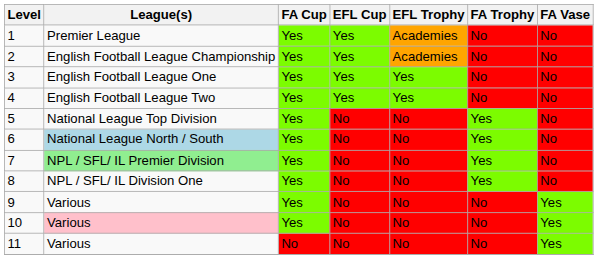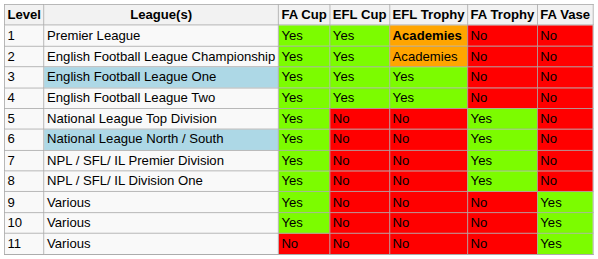 <table class="wikitable">
 <tr>
 <th>Level</th>
 <th>League(s)</th>
 <th>FA Cup</th>
 <th>EFL Cup</th>
 <th>EFL Trophy</th>
 <th>FA Trophy</th>
 <th>FA Vase</th>
 </tr>
 <tr>
 <td>1</td>
 <td>Premier League</td>
 <td style="background:LawnGreen;">Yes</td>
 <td style="background:LawnGreen;">Yes</td>
-<td style="background:Orange;">Academies</td>
+<td style="background:Orange;"><strong>Academies</strong></td>
 <td style="background:Red;">No</td>
 <td style="background:Red;">No</td>
 </tr>
 <tr>
 <td>2</td>
 <td>English Football League Championship</td>
 <td style="background:LawnGreen;">Yes</td>
 <td style="background:LawnGreen;">Yes</td>
 <td style="background:Orange;">Academies</td>
 <td style="background:Red;">No</td>
 <td style="background:Red;">No</td>
 </tr>
 <tr>
 <td>3</td>
-<td>English Football League One</td>
+<td style="background: lightblue;">English Football League One</td>
 <td style="background:LawnGreen;">Yes</td>
 <td style="background:LawnGreen;">Yes</td>
 <td style="background:LawnGreen;">Yes</td>
 <td style="background:Red;">No</td>
 <td style="background:Red;">No</td>
 </tr>
 <tr>
 <td>4</td>
 <td>English Football League Two</td>
 <td style="background:LawnGreen;">Yes</td>
 <td style="background:LawnGreen;">Yes</td>
 <td style="background:LawnGreen;">Yes</td>
 <td style="background:Red;">No</td>
 <td style="background:Red;">No</td>
 </tr>
 <tr>
 <td>5</td>
 <td>National League Top Division</td>
 <td style="background:LawnGreen;">Yes</td>
 <td style="background:Red;">No</td>
 <td style="background:Red;">No</td>
 <td style="background:LawnGreen;">Yes</td>
 <td style="background:Red;">No</td>
 </tr>
 <tr>
 <td>6</td>
 <td style="background: lightblue;">National League North / South</td>
 <td style="background:LawnGreen;">Yes</td>
 <td style="background:Red;">No</td>
 <td style="background:Red;">No</td>
 <td style="background:LawnGreen;">Yes</td>
 <td style="background:Red;">No</td>
 </tr>
 <tr>
 <td>7</td>
-<td style="background: lightgreen;">NPL / SFL/ IL Premier Division</td>
+<td>NPL / SFL/ IL Premier Division</td>
 <td style="background:LawnGreen;">Yes</td>
 <td style="background:Red;">No</td>
 <td style="background:Red;">No</td>
 <td style="background:LawnGreen;">Yes</td>
 <td style="background:Red;">No</td>
 </tr>
 <tr>
 <td>8</td>
 <td>NPL / SFL/ IL Division One</td>
 <td style="background:LawnGreen;">Yes</td>
 <td style="background:Red;">No</td>
 <td style="background:Red;">No</td>
 <td style="background:LawnGreen;">Yes</td>
 <td style="background:Red;">No</td>
 </tr>
 <tr>
 <td>9</td>
 <td>Various</td>
 <td style="background:LawnGreen;">Yes</td>
 <td style="background:Red;">No</td>
 <td style="background:Red;">No</td>
 <td style="background:Red;">No</td>
 <td style="background:LawnGreen;">Yes</td>
 </tr>
 <tr>
 <td>10</td>
-<td style="background: pink;">Various</td>
+<td>Various</td>
 <td style="background:LawnGreen;">Yes</td>
 <td style="background:Red;">No</td>
 <td style="background:Red;">No</td>
 <td style="background:Red;">No</td>
 <td style="background:LawnGreen;">Yes</td>
 </tr>
 <tr>
 <td>11</td>
 <td>Various</td>
 <td style="background:Red;">No</td>
 <td style="background:Red;">No</td>
 <td style="background:Red;">No</td>
 <td style="background:Red;">No</td>
 <td style="background:LawnGreen;">Yes</td>
 </tr>
 <tr>
 </tr>
 </table>
